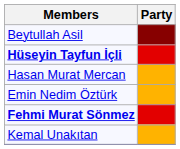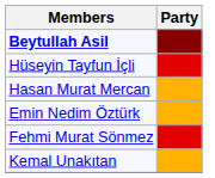 <table class=wikitable style="border:1px solid #8888aa; background-color:#f7f8ff; padding:0px; font-size:90%;">
 <tr>
 <th>Members</th>
 <th colspan="2">Party</th>
 </tr>
 <tr>
-<td><a href='#'>Beytullah Asil</a></td>
+<td><strong><a href='#'>Beytullah Asil</a></strong></td>
 <td style="background: #870000"></td>
 </tr>
 <tr>
-<td><strong><a href='#'>Hüseyin Tayfun İçli</a></strong></td>
+<td><a href='#'>Hüseyin Tayfun İçli</a></td>
 <td style="background: #e30000"></td>
 </tr>
 <tr>
 <td><a href='#'>Hasan Murat Mercan</a></td>
 <td style="background: #ffb300"></td>
 </tr>
 <tr>
 <td><a href='#'>Emin Nedim Öztürk</a></td>
 <td style="background: #ffb300"></td>
 </tr>
 <tr>
-<td><strong><a href='#'>Fehmi Murat Sönmez</a></strong></td>
+<td><a href='#'>Fehmi Murat Sönmez</a></td>
 <td style="background: #e30000"></td>
 </tr>
 <tr>
 <td><a href='#'>Kemal Unakıtan</a></td>
 <td style="background: #ffb300"></td>
 </tr>
 <tr>
 </tr>
 </table>
